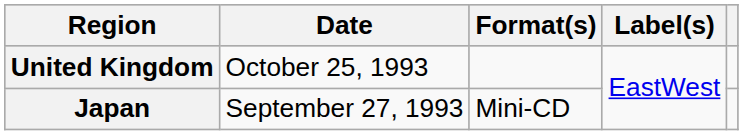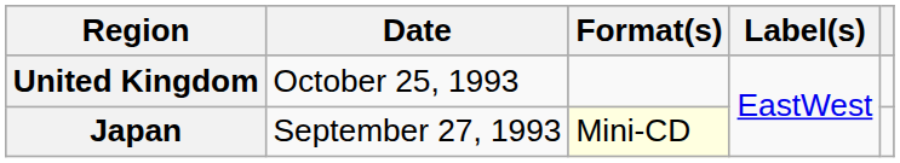 <table class="wikitable plainrowheaders">
 <tr>
 <th scope="col">Region</th>
 <th scope="col">Date</th>
 <th scope="col">Format(s)</th>
 <th scope="col">Label(s)</th>
 <th scope="col"></th>
 </tr>
 <tr>
 <th scope="row">United Kingdom</th>
 <td>October 25, 1993</td>
 <td></td>
 <td rowspan="2"><a href='#'>EastWest</a></td>
 <td></td>
 </tr>
 <tr>
 <th scope="row">Japan</th>
 <td>September 27, 1993</td>
-<td>Mini-CD</td>
+<td style="background: lightyellow;">Mini-CD</td>
 <td></td>
 </tr>
 </table>
